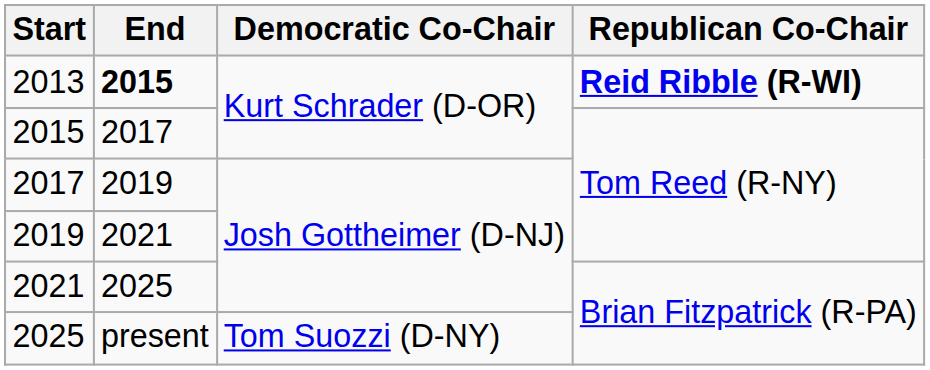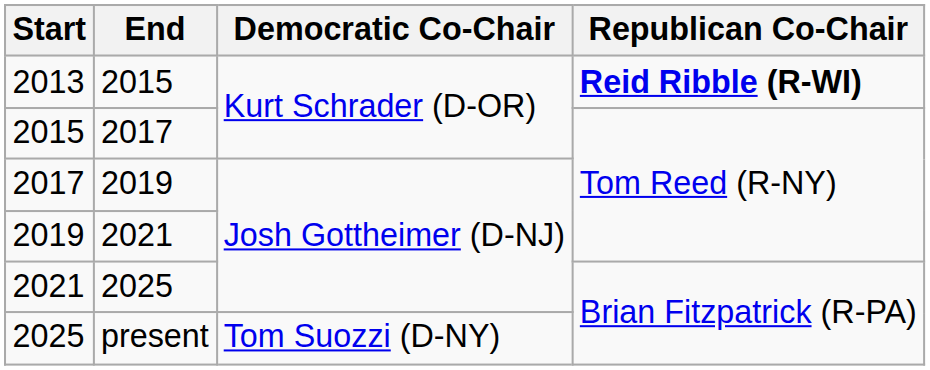 <table class="wikitable">
 <tr>
 <th>Start</th>
 <th>End</th>
 <th>Democratic Co-Chair</th>
 <th>Republican Co-Chair</th>
 </tr>
 <tr>
 <td>2013</td>
-<td><strong>2015</strong></td>
+<td>2015</td>
 <td rowspan=2><a href='#'>Kurt Schrader</a> (D-OR)</td>
 <td><strong><a href='#'>Reid Ribble</a> (R-WI)</strong></td>
 </tr>
 <tr>
 <td>2015</td>
 <td>2017</td>
 <td rowspan=3><a href='#'>Tom Reed</a> (R-NY)</td>
 </tr>
 <tr>
 <td>2017</td>
 <td>2019</td>
 <td rowspan=3><a href='#'>Josh Gottheimer</a> (D-NJ)</td>
 </tr>
 <tr>
 <td>2019</td>
 <td>2021</td>
 </tr>
 <tr>
 <td>2021</td>
 <td>2025</td>
 <td rowspan=2><a href='#'>Brian Fitzpatrick</a> (R-PA)</td>
 </tr>
 <tr>
 <td>2025</td>
 <td>present</td>
 <td><a href='#'>Tom Suozzi</a> (D-NY)</td>
 </tr>
 </table>
